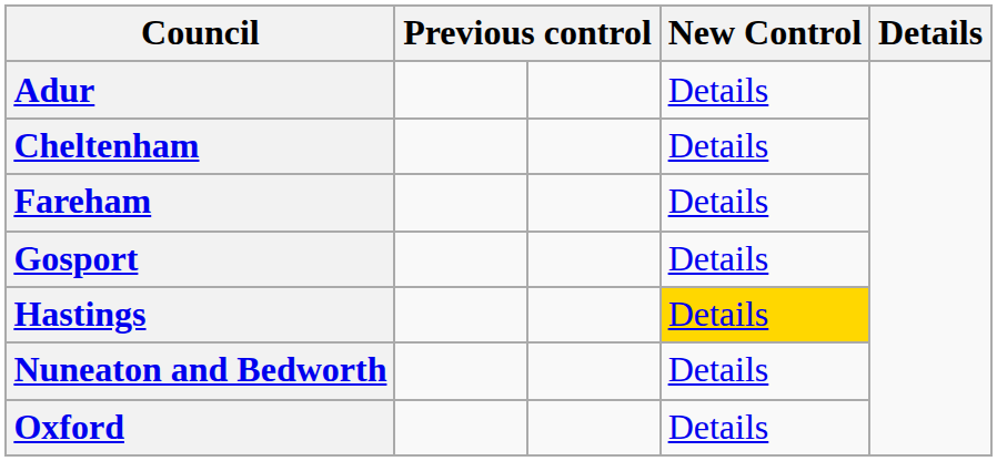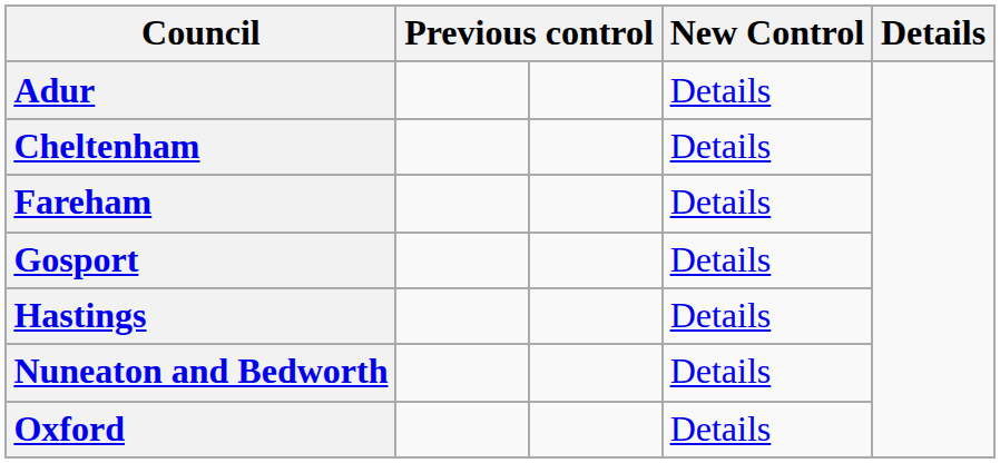 <table class="wikitable">
 <tr>
 <th scope="col">Council</th>
 <th colspan=2>Previous control</th>
 <th colspan=2>New Control</th>
 <th scope="col">Details</th>
 </tr>
 <tr>
 <th scope="row" style="text-align: left;"><a href='#'>Adur</a></th>
 <td></td>
 <td></td>
 <td><a href='#'>Details</a></td>
 </tr>
 <tr>
 <th scope="row" style="text-align: left;"><a href='#'>Cheltenham</a></th>
 <td></td>
 <td></td>
 <td><a href='#'>Details</a></td>
 </tr>
 <tr>
 <th scope="row" style="text-align: left;"><a href='#'>Fareham</a></th>
 <td></td>
 <td></td>
 <td><a href='#'>Details</a></td>
 </tr>
 <tr>
 <th scope="row" style="text-align: left;"><a href='#'>Gosport</a></th>
 <td></td>
 <td></td>
 <td><a href='#'>Details</a></td>
 </tr>
 <tr>
 <th scope="row" style="text-align: left;"><a href='#'>Hastings</a></th>
 <td></td>
 <td></td>
-<td style="background: gold;"><a href='#'>Details</a></td>
+<td><a href='#'>Details</a></td>
 </tr>
 <tr>
 <th scope="row" style="text-align: left;"><a href='#'>Nuneaton and Bedworth</a></th>
 <td></td>
 <td></td>
 <td><a href='#'>Details</a></td>
 </tr>
 <tr>
 <th scope="row" style="text-align: left;"><a href='#'>Oxford</a></th>
 <td></td>
 <td></td>
 <td><a href='#'>Details</a></td>
 </tr>
 </table>
